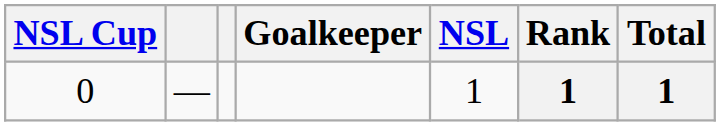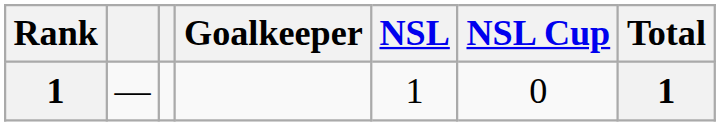 <table class="wikitable sortable" style="text-align:center">
 <tr>
-<th><a href='#'>NSL Cup</a></th>
+<th>Rank</th>
 <th></th>
 <th></th>
 <th>Goalkeeper</th>
 <th><a href='#'>NSL</a></th>
-<th>Rank</th>
+<th><a href='#'>NSL Cup</a></th>
 <th>Total</th>
 </tr>
 <tr>
-<td>0</td>
+<th>1</th>
 <td>—</td>
 <td></td>
 <td align="left"></td>
 <td>1</td>
-<th>1</th>
+<td>0</td>
 <th>1</th>
 </tr>
 </table>
